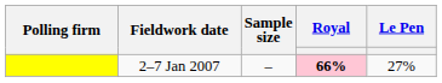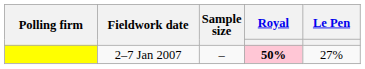 <table class="wikitable sortable" style="text-align:center;font-size:90%;line-height:14px;">
 <tr style="height:40px;">
 <th style="width:100px;" rowspan="2">Polling firm</th>
 <th style="width:110px;" rowspan="2">Fieldwork date</th>
 <th style="width:35px;" rowspan="2">Sample<br>size</th>
 <th class="unsortable" style="width:60px;"><a href='#'>Royal</a><br></th>
 <th class="unsortable" style="width:60px;"><a href='#'>Le Pen</a><br></th>
 </tr>
 <tr>
 <th style="background:"></th>
 <th style="background:"></th>
 </tr>
 <tr>
 <td style="background:yellow;"></td>
 <td data-sort-value="2007-01-07">2–7 Jan 2007</td>
 <td>–</td>
-<td style="background:#FFC6D5;"><strong>66%</strong></td>
+<td style="background:#FFC6D5;"><strong>50%</strong></td>
 <td>27%</td>
 </tr>
 </table>
